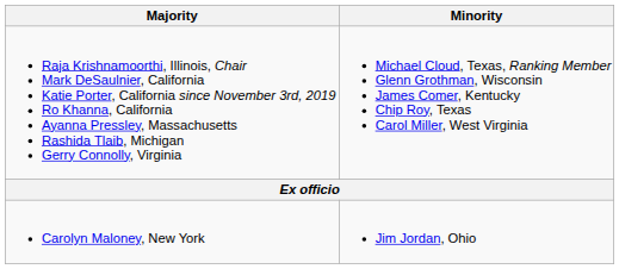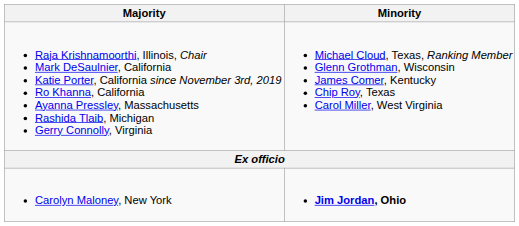 <table class=wikitable>
 <tr>
 <th>Majority</th>
 <th>Minority</th>
 </tr>
 <tr valign=top>
 <td><br><ul><li><a href='#'>Raja Krishnamoorthi</a>, Illinois, <em>Chair</em></li><li><a href='#'>Mark DeSaulnier</a>, California</li><li><a href='#'>Katie Porter</a>, California <em>since November 3rd, 2019</em></li><li><a href='#'>Ro Khanna</a>, California</li><li><a href='#'>Ayanna Pressley</a>, Massachusetts</li><li><a href='#'>Rashida Tlaib</a>, Michigan</li><li><a href='#'>Gerry Connolly</a>, Virginia</li></ul></td>
 <td><br><ul><li><a href='#'>Michael Cloud</a>, Texas, <em>Ranking Member</em></li><li><a href='#'>Glenn Grothman</a>, Wisconsin</li><li><a href='#'>James Comer</a>, Kentucky</li><li><a href='#'>Chip Roy</a>, Texas</li><li><a href='#'>Carol Miller</a>, West Virginia</li></ul></td>
 </tr>
 <tr>
 <th colspan=2><em>Ex officio</em></th>
 </tr>
 <tr>
 <td><br><ul><li><a href='#'>Carolyn Maloney</a>, New York</li></ul></td>
-<td><br><ul><li><a href='#'>Jim Jordan</a>, Ohio</li></ul></td>
+<td><strong><br><ul><li><a href='#'>Jim Jordan</a>, Ohio</li></ul></strong></td>
 </tr>
 </table>
